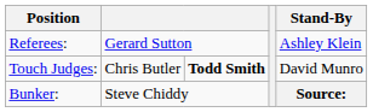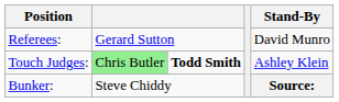 <table class="wikitable" style="font-size: 95%;">
 <tr>
 <th>Position</th>
 <th colspan="2"></th>
 <th rowspan="4"></th>
 <th>Stand-By</th>
 </tr>
 <tr>
 <td class="table-rh" ><a href='#'>Referees</a>:</td>
 <td colspan="2"><a href='#'>Gerard Sutton</a></td>
-<td><a href='#'>Ashley Klein</a></td>
+<td>David Munro</td>
 </tr>
 <tr>
 <td class="table-rh" ><a href='#'>Touch Judges</a>:</td>
-<td>Chris Butler</td>
+<td style="background: lightgreen;">Chris Butler</td>
 <td><strong>Todd Smith</strong></td>
-<td>David Munro</td>
+<td><a href='#'>Ashley Klein</a></td>
 </tr>
 <tr>
 <td class="table-rh" ><a href='#'>Bunker</a>:</td>
 <td colspan="2">Steve Chiddy</td>
 <th>Source:</th>
 </tr>
 </table>
